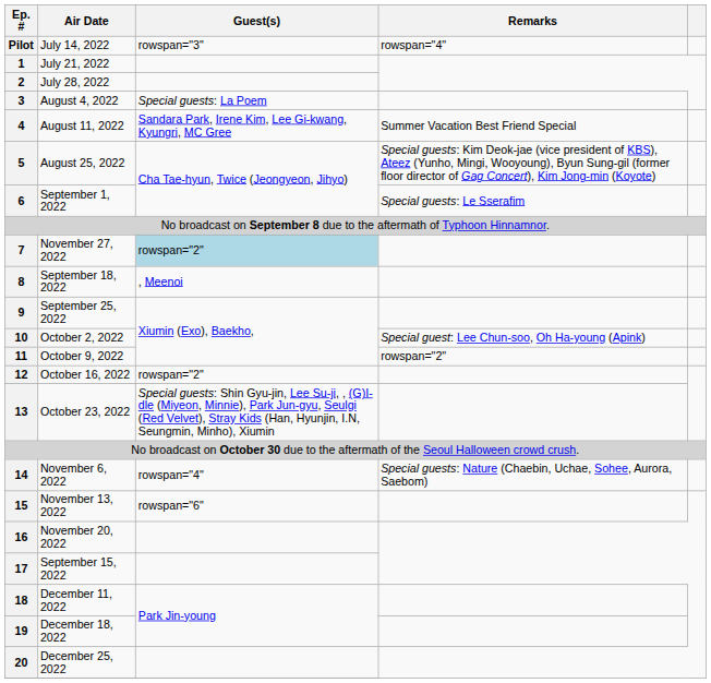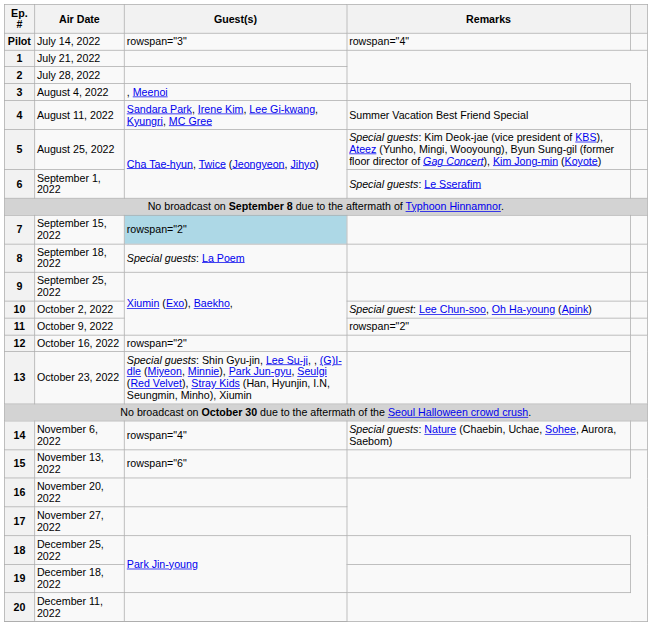 <table class="wikitable" style = "font-size: 90%;">
 <tr>
 <th style="width:2.5em;">Ep. #</th>
 <th style="width:10.5em;">Air Date</th>
 <th style="width:32.5em;">Guest(s)</th>
 <th style="width:43em;">Remarks</th>
 <th style="width:2em;"></th>
 </tr>
 <tr>
 <th>Pilot</th>
 <td>July 14, 2022</td>
 <td>rowspan="3" </td>
 <td>rowspan="4" </td>
 <td style="text-align:center"></td>
 </tr>
 <tr>
 <th>1</th>
 <td>July 21, 2022</td>
 <td style="text-align:center"></td>
 </tr>
 <tr>
 <th>2</th>
 <td>July 28, 2022</td>
 <td style="text-align:center"></td>
 </tr>
 <tr>
 <th>3</th>
 <td>August 4, 2022</td>
-<td><em>Special guests</em>: <a href='#'>La Poem</a></td>
+<td>, <a href='#'>Meenoi</a></td>
 <td style="text-align:center"></td>
 </tr>
 <tr>
 <th>4</th>
 <td>August 11, 2022</td>
 <td><a href='#'>Sandara Park</a>, <a href='#'>Irene Kim</a>, <a href='#'>Lee Gi-kwang</a>, <a href='#'>Kyungri</a>, <a href='#'>MC Gree</a></td>
 <td>Summer Vacation Best Friend Special</td>
 <td style="text-align:center"></td>
 </tr>
 <tr>
 <th>5</th>
 <td>August 25, 2022</td>
 <td rowspan="2"><a href='#'>Cha Tae-hyun</a>, <a href='#'>Twice</a> (<a href='#'>Jeongyeon</a>, <a href='#'>Jihyo</a>)</td>
 <td><em>Special guests</em>: Kim Deok-jae (vice president of <a href='#'>KBS</a>), <a href='#'>Ateez</a> (Yunho, Mingi, Wooyoung), Byun Sung-gil (former floor director of <em><a href='#'>Gag Concert</a></em>), <a href='#'>Kim Jong-min</a> (<a href='#'>Koyote</a>)</td>
 <td style="text-align:center"></td>
 </tr>
 <tr>
 <th>6</th>
 <td>September 1, 2022</td>
 <td><em>Special guests</em>: <a href='#'>Le Sserafim</a></td>
 <td style="text-align:center"></td>
 </tr>
 <tr>
 <td colspan="5" style="text-align:center;background:Lightgray">No broadcast on <strong>September 8</strong> due to the aftermath of <a href='#'>Typhoon Hinnamnor</a>.</td>
 </tr>
 <tr>
 <th>7</th>
-<td>November 27, 2022</td>
+<td>September 15, 2022</td>
 <td style="background: lightblue;">rowspan="2" </td>
 <td></td>
 <td style="text-align:center"></td>
 </tr>
 <tr>
 <th>8</th>
 <td>September 18, 2022</td>
-<td>, <a href='#'>Meenoi</a></td>
+<td><em>Special guests</em>: <a href='#'>La Poem</a></td>
 <td style="text-align:center"></td>
 </tr>
 <tr>
 <th>9</th>
 <td>September 25, 2022</td>
 <td rowspan="3"><a href='#'>Xiumin</a> (<a href='#'>Exo</a>), <a href='#'>Baekho</a>, </td>
 <td></td>
 <td style="text-align:center"></td>
 </tr>
 <tr>
 <th>10</th>
 <td>October 2, 2022</td>
 <td><em>Special guest</em>: <a href='#'>Lee Chun-soo</a>, <a href='#'>Oh Ha-young</a> (<a href='#'>Apink</a>)</td>
 <td style="text-align:center"></td>
 </tr>
 <tr>
 <th>11</th>
 <td>October 9, 2022</td>
 <td>rowspan="2" </td>
 <td style="text-align:center"></td>
 </tr>
 <tr>
 <th>12</th>
 <td>October 16, 2022</td>
 <td>rowspan="2" </td>
 <td style="text-align:center"></td>
 </tr>
 <tr>
 <th>13</th>
 <td>October 23, 2022</td>
 <td><em>Special guests</em>: Shin Gyu-jin, <a href='#'>Lee Su-ji</a>, , <a href='#'>(G)I-dle</a> (<a href='#'>Miyeon</a>, <a href='#'>Minnie</a>), <a href='#'>Park Jun-gyu</a>, <a href='#'>Seulgi</a> (<a href='#'>Red Velvet</a>), <a href='#'>Stray Kids</a> (Han, Hyunjin, I.N, Seungmin, Minho), Xiumin</td>
 <td></td>
 </tr>
 <tr>
 <td colspan="5" style="text-align:center;background:Lightgray">No broadcast on <strong>October 30</strong> due to the aftermath of the <a href='#'>Seoul Halloween crowd crush</a>.</td>
 </tr>
 <tr>
 <th>14</th>
 <td>November 6, 2022</td>
 <td>rowspan="4" </td>
 <td><em>Special guests</em>: <a href='#'>Nature</a> (Chaebin, Uchae, <a href='#'>Sohee</a>, Aurora, Saebom)</td>
 <td></td>
 </tr>
 <tr>
 <th>15</th>
 <td>November 13, 2022</td>
 <td>rowspan="6" </td>
 <td></td>
 </tr>
 <tr>
 <th>16</th>
 <td>November 20, 2022</td>
 <td></td>
 </tr>
 <tr>
 <th>17</th>
-<td>September 15, 2022</td>
+<td>November 27, 2022</td>
 <td></td>
 </tr>
 <tr>
 <th>18</th>
-<td>December 11, 2022</td>
+<td>December 25, 2022</td>
 <td rowspan="2"><a href='#'>Park Jin-young</a></td>
 <td></td>
 </tr>
 <tr>
 <th>19</th>
 <td>December 18, 2022</td>
 <td></td>
 </tr>
 <tr>
 <th>20</th>
-<td>December 25, 2022</td>
+<td>December 11, 2022</td>
 <td></td>
 </tr>
 <tr>
 </tr>
 </table>
